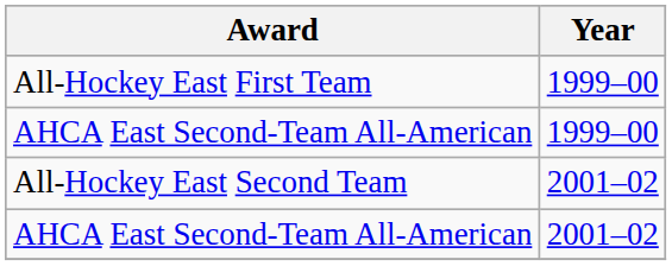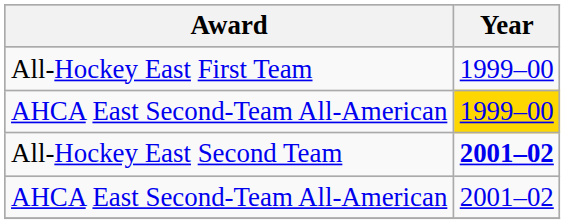 <table class="wikitable">
 <tr>
 <th>Award</th>
 <th>Year</th>
 </tr>
 <tr>
 <td>All-<a href='#'>Hockey East</a> <a href='#'>First Team</a></td>
 <td><a href='#'>1999–00</a></td>
 </tr>
 <tr>
 <td><a href='#'>AHCA</a> <a href='#'>East Second-Team All-American</a></td>
-<td><a href='#'>1999–00</a></td>
+<td style="background: gold;"><a href='#'>1999–00</a></td>
 </tr>
 <tr>
 <td>All-<a href='#'>Hockey East</a> <a href='#'>Second Team</a></td>
-<td><a href='#'>2001–02</a></td>
+<td><strong><a href='#'>2001–02</a></strong></td>
 </tr>
 <tr>
 <td><a href='#'>AHCA</a> <a href='#'>East Second-Team All-American</a></td>
 <td><a href='#'>2001–02</a></td>
 </tr>
 <tr>
 </tr>
 </table>
